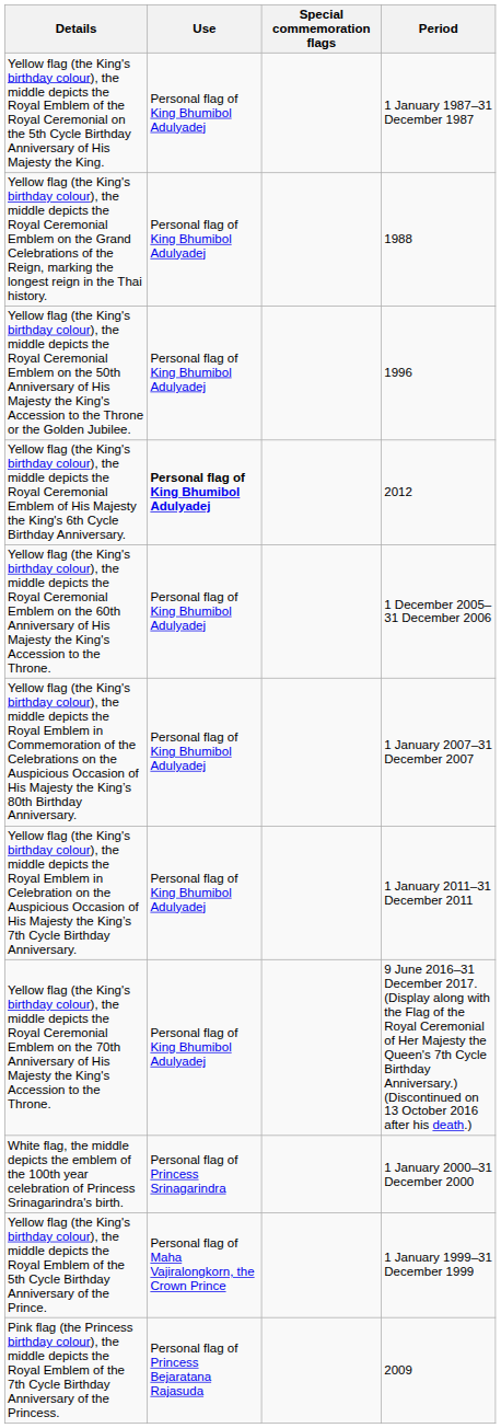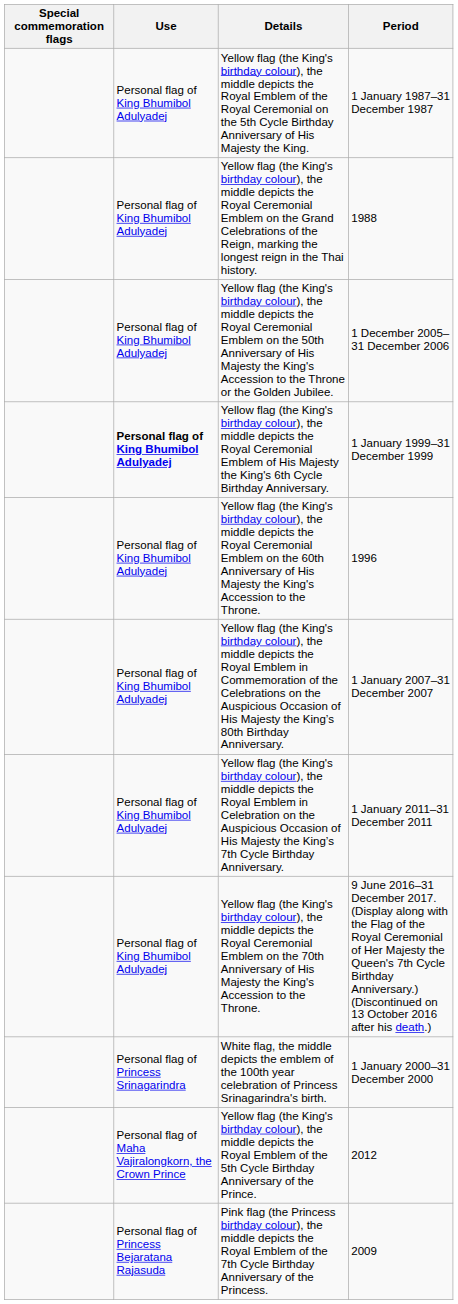 <table class="wikitable" width="100%">
 <tr>
+<th width="20%">Special commemoration flags</th>
+<th width="20%">Use</th>
 <th width="25%">Details</th>
-<th width="20%">Use</th>
-<th width="20%">Special commemoration flags</th>
 <th width="20%">Period</th>
 </tr>
 <tr>
+<td></td>
+<td>Personal flag of <a href='#'>King Bhumibol Adulyadej</a></td>
 <td>Yellow flag (the King's <a href='#'>birthday colour</a>), the middle depicts the Royal Emblem of the Royal Ceremonial on the 5th Cycle Birthday Anniversary of His Majesty the King.</td>
-<td>Personal flag of <a href='#'>King Bhumibol Adulyadej</a></td>
-<td></td>
 <td>1 January 1987–31 December 1987</td>
 </tr>
 <tr>
+<td></td>
+<td>Personal flag of <a href='#'>King Bhumibol Adulyadej</a></td>
 <td>Yellow flag (the King's <a href='#'>birthday colour</a>), the middle depicts the Royal Ceremonial Emblem on the Grand Celebrations of the Reign, marking the longest reign in the Thai history.</td>
-<td>Personal flag of <a href='#'>King Bhumibol Adulyadej</a></td>
-<td></td>
 <td>1988</td>
 </tr>
 <tr>
+<td></td>
+<td>Personal flag of <a href='#'>King Bhumibol Adulyadej</a></td>
 <td>Yellow flag (the King's <a href='#'>birthday colour</a>), the middle depicts the Royal Ceremonial Emblem on the 50th Anniversary of His Majesty the King's Accession to the Throne or the Golden Jubilee.</td>
+<td>1 December 2005–31 December 2006</td>
+</tr>
+<tr>
+<td></td>
+<td><strong>Personal flag of <a href='#'>King Bhumibol Adulyadej</a></strong></td>
+<td>Yellow flag (the King's <a href='#'>birthday colour</a>), the middle depicts the Royal Ceremonial Emblem of His Majesty the King's 6th Cycle Birthday Anniversary.</td>
+<td>1 January 1999–31 December 1999</td>
+</tr>
+<tr>
+<td></td>
 <td>Personal flag of <a href='#'>King Bhumibol Adulyadej</a></td>
-<td></td>
+<td>Yellow flag (the King's <a href='#'>birthday colour</a>), the middle depicts the Royal Ceremonial Emblem on the 60th Anniversary of His Majesty the King's Accession to the Throne.</td>
 <td>1996</td>
 </tr>
 <tr>
-<td>Yellow flag (the King's <a href='#'>birthday colour</a>), the middle depicts the Royal Ceremonial Emblem of His Majesty the King's 6th Cycle Birthday Anniversary.</td>
-<td><strong>Personal flag of <a href='#'>King Bhumibol Adulyadej</a></strong></td>
 <td></td>
+<td>Personal flag of <a href='#'>King Bhumibol Adulyadej</a></td>
+<td>Yellow flag (the King's <a href='#'>birthday colour</a>), the middle depicts the Royal Emblem in Commemoration of the Celebrations on the Auspicious Occasion of His Majesty the King’s 80th Birthday Anniversary.</td>
+<td>1 January 2007–31 December 2007</td>
+</tr>
+<tr>
+<td></td>
+<td>Personal flag of <a href='#'>King Bhumibol Adulyadej</a></td>
+<td>Yellow flag (the King's <a href='#'>birthday colour</a>), the middle depicts the Royal Emblem in Celebration on the Auspicious Occasion of His Majesty the King’s 7th Cycle Birthday Anniversary.</td>
+<td>1 January 2011–31 December 2011</td>
+</tr>
+<tr>
+<td></td>
+<td>Personal flag of <a href='#'>King Bhumibol Adulyadej</a></td>
+<td>Yellow flag (the King's <a href='#'>birthday colour</a>), the middle depicts the Royal Ceremonial Emblem on the 70th Anniversary of His Majesty the King's Accession to the Throne.</td>
+<td>9 June 2016–31 December 2017. (Display along with the Flag of the Royal Ceremonial of Her Majesty the Queen's 7th Cycle Birthday Anniversary.) (Discontinued on 13 October 2016 after his <a href='#'>death</a>.)</td>
+</tr>
+<tr>
+<td></td>
+<td>Personal flag of <a href='#'>Princess Srinagarindra</a></td>
+<td>White flag, the middle depicts the emblem of the 100th year celebration of Princess Srinagarindra's birth.</td>
+<td>1 January 2000–31 December 2000</td>
+</tr>
+<tr>
+<td></td>
+<td>Personal flag of <a href='#'>Maha Vajiralongkorn, the Crown Prince</a></td>
+<td>Yellow flag (the King's <a href='#'>birthday colour</a>), the middle depicts the Royal Emblem of the 5th Cycle Birthday Anniversary of the Prince.</td>
 <td>2012</td>
 </tr>
 <tr>
-<td>Yellow flag (the King's <a href='#'>birthday colour</a>), the middle depicts the Royal Ceremonial Emblem on the 60th Anniversary of His Majesty the King's Accession to the Throne.</td>
-<td>Personal flag of <a href='#'>King Bhumibol Adulyadej</a></td>
 <td></td>
-<td>1 December 2005–31 December 2006</td>
-</tr>
-<tr>
-<td>Yellow flag (the King's <a href='#'>birthday colour</a>), the middle depicts the Royal Emblem in Commemoration of the Celebrations on the Auspicious Occasion of His Majesty the King’s 80th Birthday Anniversary.</td>
-<td>Personal flag of <a href='#'>King Bhumibol Adulyadej</a></td>
-<td></td>
-<td>1 January 2007–31 December 2007</td>
-</tr>
-<tr>
-<td>Yellow flag (the King's <a href='#'>birthday colour</a>), the middle depicts the Royal Emblem in Celebration on the Auspicious Occasion of His Majesty the King’s 7th Cycle Birthday Anniversary.</td>
-<td>Personal flag of <a href='#'>King Bhumibol Adulyadej</a></td>
-<td></td>
-<td>1 January 2011–31 December 2011</td>
-</tr>
-<tr>
-<td>Yellow flag (the King's <a href='#'>birthday colour</a>), the middle depicts the Royal Ceremonial Emblem on the 70th Anniversary of His Majesty the King's Accession to the Throne.</td>
-<td>Personal flag of <a href='#'>King Bhumibol Adulyadej</a></td>
-<td></td>
-<td>9 June 2016–31 December 2017. (Display along with the Flag of the Royal Ceremonial of Her Majesty the Queen's 7th Cycle Birthday Anniversary.) (Discontinued on 13 October 2016 after his <a href='#'>death</a>.)</td>
-</tr>
-<tr>
-<td>White flag, the middle depicts the emblem of the 100th year celebration of Princess Srinagarindra's birth.</td>
-<td>Personal flag of <a href='#'>Princess Srinagarindra</a></td>
-<td></td>
-<td>1 January 2000–31 December 2000</td>
-</tr>
-<tr>
-<td>Yellow flag (the King's <a href='#'>birthday colour</a>), the middle depicts the Royal Emblem of the 5th Cycle Birthday Anniversary of the Prince.</td>
-<td>Personal flag of <a href='#'>Maha Vajiralongkorn, the Crown Prince</a></td>
-<td></td>
-<td>1 January 1999–31 December 1999</td>
-</tr>
-<tr>
+<td>Personal flag of <a href='#'>Princess Bejaratana Rajasuda</a></td>
 <td>Pink flag (the Princess <a href='#'>birthday colour</a>), the middle depicts the Royal Emblem of the 7th Cycle Birthday Anniversary of the Princess.</td>
-<td>Personal flag of <a href='#'>Princess Bejaratana Rajasuda</a></td>
-<td></td>
 <td>2009</td>
 </tr>
 </table>
